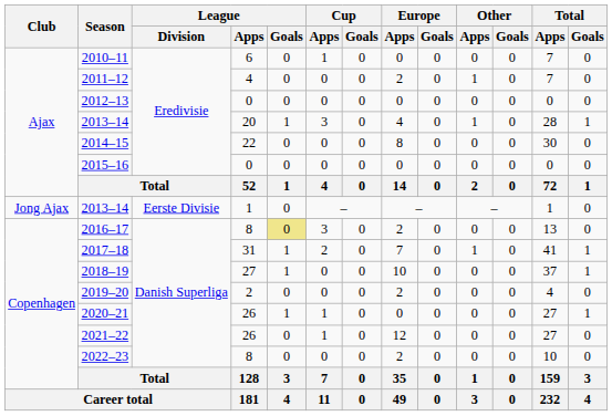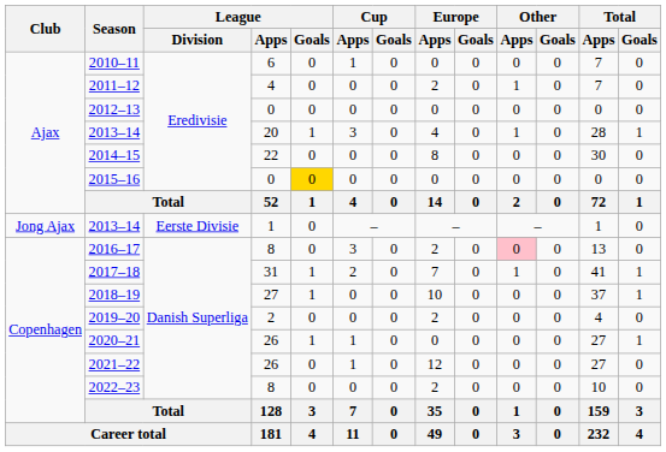 <table class="wikitable" style="text-align:center">
 <tr>
 <th rowspan="2">Club</th>
 <th rowspan="2">Season</th>
 <th colspan="3">League</th>
 <th colspan="2">Cup</th>
 <th colspan="2">Europe</th>
 <th colspan="2">Other</th>
 <th colspan="2">Total</th>
 </tr>
 <tr>
 <th>Division</th>
 <th>Apps</th>
 <th>Goals</th>
 <th>Apps</th>
 <th>Goals</th>
 <th>Apps</th>
 <th>Goals</th>
 <th>Apps</th>
 <th>Goals</th>
 <th>Apps</th>
 <th>Goals</th>
 </tr>
 <tr>
 <td rowspan="7"><a href='#'>Ajax</a></td>
 <td><a href='#'>2010–11</a></td>
 <td rowspan="6"><a href='#'>Eredivisie</a></td>
 <td>6</td>
 <td>0</td>
 <td>1</td>
 <td>0</td>
 <td>0</td>
 <td>0</td>
 <td>0</td>
 <td>0</td>
 <td>7</td>
 <td>0</td>
 </tr>
 <tr>
 <td><a href='#'>2011–12</a></td>
 <td>4</td>
 <td>0</td>
 <td>0</td>
 <td>0</td>
 <td>2</td>
 <td>0</td>
 <td>1</td>
 <td>0</td>
 <td>7</td>
 <td>0</td>
 </tr>
 <tr>
 <td><a href='#'>2012–13</a></td>
 <td>0</td>
 <td>0</td>
 <td>0</td>
 <td>0</td>
 <td>0</td>
 <td>0</td>
 <td>0</td>
 <td>0</td>
 <td>0</td>
 <td>0</td>
 </tr>
 <tr>
 <td><a href='#'>2013–14</a></td>
 <td>20</td>
 <td>1</td>
 <td>3</td>
 <td>0</td>
 <td>4</td>
 <td>0</td>
 <td>1</td>
 <td>0</td>
 <td>28</td>
 <td>1</td>
 </tr>
 <tr>
 <td><a href='#'>2014–15</a></td>
 <td>22</td>
 <td>0</td>
 <td>0</td>
 <td>0</td>
 <td>8</td>
 <td>0</td>
 <td>0</td>
 <td>0</td>
 <td>30</td>
 <td>0</td>
 </tr>
 <tr>
 <td><a href='#'>2015–16</a></td>
 <td>0</td>
-<td>0</td>
+<td style="background: gold;">0</td>
 <td>0</td>
 <td>0</td>
 <td>0</td>
 <td>0</td>
 <td>0</td>
 <td>0</td>
 <td>0</td>
 <td>0</td>
 </tr>
 <tr>
 <th colspan="2">Total</th>
 <th>52</th>
 <th>1</th>
 <th>4</th>
 <th>0</th>
 <th>14</th>
 <th>0</th>
 <th>2</th>
 <th>0</th>
 <th>72</th>
 <th>1</th>
 </tr>
 <tr>
 <td><a href='#'>Jong Ajax</a></td>
 <td><a href='#'>2013–14</a></td>
 <td><a href='#'>Eerste Divisie</a></td>
 <td>1</td>
 <td>0</td>
 <td colspan="2">–</td>
 <td colspan="2">–</td>
 <td colspan="2">–</td>
 <td>1</td>
 <td>0</td>
 </tr>
 <tr>
 <td rowspan="8"><a href='#'>Copenhagen</a></td>
 <td><a href='#'>2016–17</a></td>
 <td rowspan="7"><a href='#'>Danish Superliga</a></td>
 <td>8</td>
-<td style="background: khaki;">0</td>
+<td>0</td>
 <td>3</td>
 <td>0</td>
 <td>2</td>
 <td>0</td>
-<td>0</td>
+<td style="background: pink;">0</td>
 <td>0</td>
 <td>13</td>
 <td>0</td>
 </tr>
 <tr>
 <td><a href='#'>2017–18</a></td>
 <td>31</td>
 <td>1</td>
 <td>2</td>
 <td>0</td>
 <td>7</td>
 <td>0</td>
 <td>1</td>
 <td>0</td>
 <td>41</td>
 <td>1</td>
 </tr>
 <tr>
 <td><a href='#'>2018–19</a></td>
 <td>27</td>
 <td>1</td>
 <td>0</td>
 <td>0</td>
 <td>10</td>
 <td>0</td>
 <td>0</td>
 <td>0</td>
 <td>37</td>
 <td>1</td>
 </tr>
 <tr>
 <td><a href='#'>2019–20</a></td>
 <td>2</td>
 <td>0</td>
 <td>0</td>
 <td>0</td>
 <td>2</td>
 <td>0</td>
 <td>0</td>
 <td>0</td>
 <td>4</td>
 <td>0</td>
 </tr>
 <tr>
 <td><a href='#'>2020–21</a></td>
 <td>26</td>
 <td>1</td>
 <td>1</td>
 <td>0</td>
 <td>0</td>
 <td>0</td>
 <td>0</td>
 <td>0</td>
 <td>27</td>
 <td>1</td>
 </tr>
 <tr>
 <td><a href='#'>2021–22</a></td>
 <td>26</td>
 <td>0</td>
 <td>1</td>
 <td>0</td>
 <td>12</td>
 <td>0</td>
 <td>0</td>
 <td>0</td>
 <td>27</td>
 <td>0</td>
 </tr>
 <tr>
 <td><a href='#'>2022–23</a></td>
 <td>8</td>
 <td>0</td>
 <td>0</td>
 <td>0</td>
 <td>2</td>
 <td>0</td>
 <td>0</td>
 <td>0</td>
 <td>10</td>
 <td>0</td>
 </tr>
 <tr>
 <th colspan="2">Total</th>
 <th>128</th>
 <th>3</th>
 <th>7</th>
 <th>0</th>
 <th>35</th>
 <th>0</th>
 <th>1</th>
 <th>0</th>
 <th>159</th>
 <th>3</th>
 </tr>
 <tr>
 <th colspan="3">Career total</th>
 <th>181</th>
 <th>4</th>
 <th>11</th>
 <th>0</th>
 <th>49</th>
 <th>0</th>
 <th>3</th>
 <th>0</th>
 <th>232</th>
 <th>4</th>
 </tr>
 </table>
